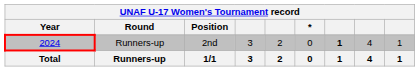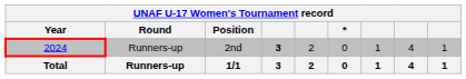 <table class="wikitable" style="font-size:90%; text-align:center;" width="50%">
 <tr>
 <th colspan="9"><a href='#'>UNAF U-17 Women's Tournament</a> record</th>
 </tr>
 <tr>
 <th width="15%">Year</th>
 <th width="15%">Round</th>
 <th width="5%">Position</th>
 <th width="5%"></th>
 <th width="5%"></th>
 <th width="5%">*</th>
 <th width="5%"></th>
 <th width="5%"></th>
 <th width="5%"></th>
 </tr>
 <tr bgcolor="silver">
 <td style="border: 3px solid red"> <a href='#'>2024</a></td>
 <td>Runners-up</td>
 <td>2nd</td>
-<td>3</td>
+<td><strong>3</strong></td>
 <td>2</td>
 <td>0</td>
-<td><strong>1</strong></td>
+<td>1</td>
 <td>4</td>
 <td>1</td>
 </tr>
 <tr>
 <th>Total</th>
 <th>Runners-up</th>
 <th>1/1</th>
 <th>3</th>
 <th>2</th>
 <th>0</th>
 <th>1</th>
 <th>4</th>
 <th>1</th>
 </tr>
 </table>
